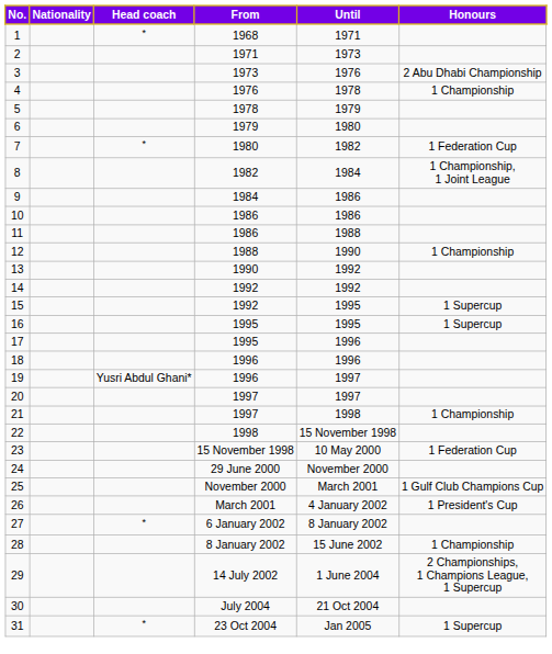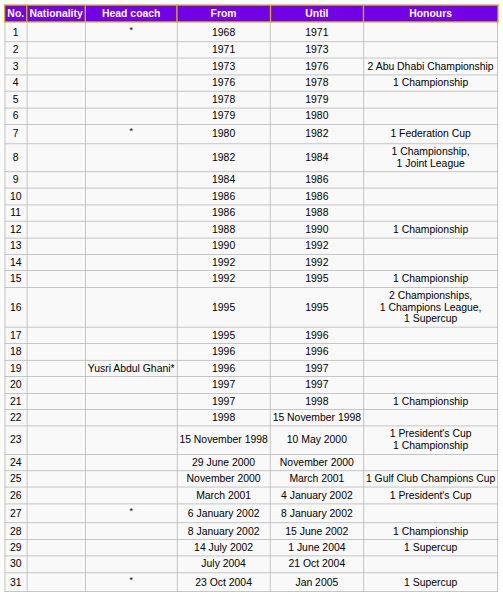 <table class="wikitable" style="text-align:center; display:inline-table;">
 <tr>
 <th style="color:#FFFFFF; background: #7300E6; border:2px solid #D8B31B;">No.</th>
 <th style="color:#FFFFFF; background: #7300E6; border:2px solid #D8B31B;">Nationality</th>
 <th style="color:#FFFFFF; background: #7300E6; border:2px solid #D8B31B;">Head coach</th>
 <th style="color:#FFFFFF; background: #7300E6; border:2px solid #D8B31B;">From</th>
 <th style="color:#FFFFFF; background: #7300E6; border:2px solid #D8B31B;">Until</th>
 <th style="color:#FFFFFF; background: #7300E6; border:2px solid #D8B31B;">Honours</th>
 </tr>
 <tr>
 <td>1</td>
 <td></td>
 <td align=center><sup>*</sup></td>
 <td>1968</td>
 <td>1971</td>
 <td></td>
 </tr>
 <tr>
 <td>2</td>
 <td></td>
 <td align=center></td>
 <td>1971</td>
 <td>1973</td>
 <td></td>
 </tr>
 <tr>
 <td>3</td>
 <td></td>
 <td align=center></td>
 <td>1973</td>
 <td>1976</td>
 <td>2 Abu Dhabi Championship</td>
 </tr>
 <tr>
 <td>4</td>
 <td></td>
 <td align=center></td>
 <td>1976</td>
 <td>1978</td>
 <td>1 Championship</td>
 </tr>
 <tr>
 <td>5</td>
 <td></td>
 <td align=center></td>
 <td>1978</td>
 <td>1979</td>
 <td></td>
 </tr>
 <tr>
 <td>6</td>
 <td></td>
 <td align=center></td>
 <td>1979</td>
 <td>1980</td>
 <td></td>
 </tr>
 <tr>
 <td>7</td>
 <td></td>
 <td align=center><sup>*</sup></td>
 <td>1980</td>
 <td>1982</td>
 <td>1 Federation Cup</td>
 </tr>
 <tr>
 <td>8</td>
 <td></td>
 <td align=center></td>
 <td>1982</td>
 <td>1984</td>
 <td>1 Championship, <br>1 Joint League</td>
 </tr>
 <tr>
 <td>9</td>
 <td></td>
 <td align=center></td>
 <td>1984</td>
 <td>1986</td>
 <td></td>
 </tr>
 <tr>
 <td>10</td>
 <td></td>
 <td align=center></td>
 <td>1986</td>
 <td>1986</td>
 <td></td>
 </tr>
 <tr>
 <td>11</td>
 <td></td>
 <td align=center></td>
 <td>1986</td>
 <td>1988</td>
 <td></td>
 </tr>
 <tr>
 <td>12</td>
 <td></td>
 <td align=center></td>
 <td>1988</td>
 <td>1990</td>
 <td>1 Championship</td>
 </tr>
 <tr>
 <td>13</td>
 <td></td>
 <td align=center></td>
 <td>1990</td>
 <td>1992</td>
 <td></td>
 </tr>
 <tr>
 <td>14</td>
 <td></td>
 <td align=center></td>
 <td>1992</td>
 <td>1992</td>
 <td></td>
 </tr>
 <tr>
 <td>15</td>
 <td></td>
 <td align=center></td>
 <td>1992</td>
 <td>1995</td>
-<td>1 Supercup</td>
+<td>1 Championship</td>
 </tr>
 <tr>
 <td>16</td>
 <td></td>
 <td align=center></td>
 <td>1995</td>
 <td>1995</td>
-<td>1 Supercup</td>
+<td>2 Championships, <br>1 Champions League, <br>1 Supercup</td>
 </tr>
 <tr>
 <td>17</td>
 <td></td>
 <td align=center></td>
 <td>1995</td>
 <td>1996</td>
 <td></td>
 </tr>
 <tr>
 <td>18</td>
 <td></td>
 <td align=center></td>
 <td>1996</td>
 <td>1996</td>
 <td></td>
 </tr>
 <tr>
 <td>19</td>
 <td></td>
 <td align=center>Yusri Abdul Ghani*</td>
 <td>1996</td>
 <td>1997</td>
 <td></td>
 </tr>
 <tr>
 <td>20</td>
 <td></td>
 <td align=center></td>
 <td>1997</td>
 <td>1997</td>
 <td></td>
 </tr>
 <tr>
 <td>21</td>
 <td></td>
 <td align=center></td>
 <td>1997</td>
 <td>1998</td>
 <td>1 Championship</td>
 </tr>
 <tr>
 <td>22</td>
 <td></td>
 <td align=center></td>
 <td>1998</td>
 <td>15 November 1998</td>
 <td></td>
 </tr>
 <tr>
 <td>23</td>
 <td></td>
 <td align=center></td>
 <td>15 November 1998</td>
 <td>10 May 2000</td>
-<td>1 Federation Cup</td>
+<td>1 President's Cup <br> 1 Championship</td>
 </tr>
 <tr>
 <td>24</td>
 <td></td>
 <td align=center></td>
 <td>29 June 2000</td>
 <td>November 2000</td>
 <td></td>
 </tr>
 <tr>
 <td>25</td>
 <td></td>
 <td align=center></td>
 <td>November 2000</td>
 <td>March 2001</td>
 <td>1 Gulf Club Champions Cup</td>
 </tr>
 <tr>
 <td>26</td>
 <td></td>
 <td align=center></td>
 <td>March 2001</td>
 <td>4 January 2002</td>
 <td>1 President's Cup</td>
 </tr>
 <tr>
 <td>27</td>
 <td></td>
 <td align=center><sup>*</sup></td>
 <td>6 January 2002</td>
 <td>8 January 2002</td>
 <td></td>
 </tr>
 <tr>
 <td>28</td>
 <td></td>
 <td align=center></td>
 <td>8 January 2002</td>
 <td>15 June 2002</td>
 <td>1 Championship</td>
 </tr>
 <tr>
 <td>29</td>
 <td></td>
 <td align=center></td>
 <td>14 July 2002</td>
 <td>1 June 2004</td>
-<td>2 Championships, <br>1 Champions League, <br>1 Supercup</td>
+<td>1 Supercup</td>
 </tr>
 <tr>
 <td>30</td>
 <td></td>
 <td align=center></td>
 <td>July 2004</td>
 <td>21 Oct 2004</td>
 <td></td>
 </tr>
 <tr>
 <td>31</td>
 <td></td>
 <td align=center><sup>*</sup></td>
 <td>23 Oct 2004</td>
 <td>Jan 2005</td>
 <td>1 Supercup</td>
 </tr>
 </table>
